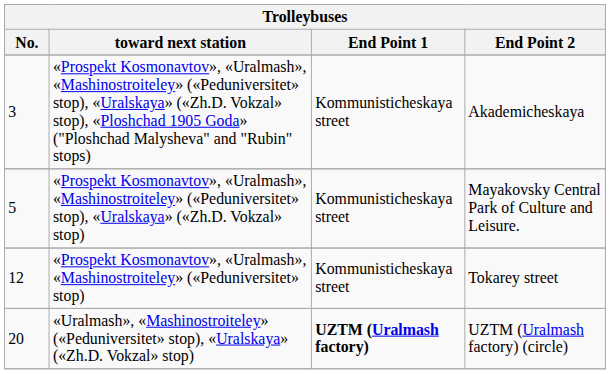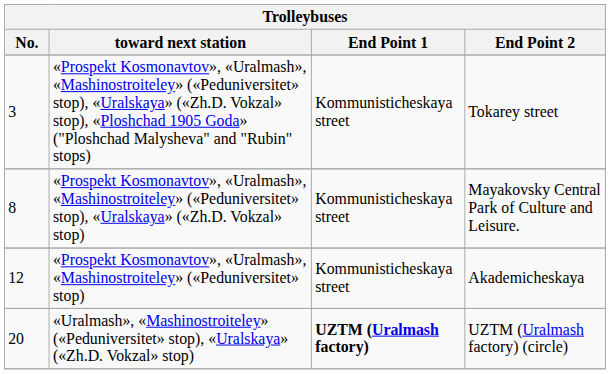 <table class="wikitable">
 <tr>
 <th colspan=4>Trolleybuses</th>
 </tr>
 <tr>
 <th width="7%">No.</th>
 <th width="41%">toward next station</th>
 <th width="22%">End Point 1</th>
 <th width="22%">End Point 2</th>
 </tr>
 <tr>
 </tr>
 <tr ----align="center">
 <td>3</td>
 <td>«<a href='#'>Prospekt Kosmonavtov</a>», «Uralmash», «<a href='#'>Mashinostroiteley</a>» («Peduniversitet» stop), «<a href='#'>Uralskaya</a>» («Zh.D. Vokzal» stop), «<a href='#'>Ploshchad 1905 Goda</a>» ("Ploshchad Malysheva" and "Rubin" stops)</td>
 <td>Kommunisticheskaya street</td>
-<td>Akademicheskaya</td>
+<td>Tokarey street</td>
 </tr>
 <tr>
 </tr>
 <tr ----align="center">
-<td>5</td>
+<td>8</td>
 <td>«<a href='#'>Prospekt Kosmonavtov</a>», «Uralmash», «<a href='#'>Mashinostroiteley</a>» («Peduniversitet» stop), «<a href='#'>Uralskaya</a>» («Zh.D. Vokzal» stop)</td>
 <td>Kommunisticheskaya street</td>
 <td>Mayakovsky Central Park of Culture and Leisure.</td>
 </tr>
 <tr>
 </tr>
 <tr ----align="center">
 <td>12</td>
 <td>«<a href='#'>Prospekt Kosmonavtov</a>», «Uralmash», «<a href='#'>Mashinostroiteley</a>» («Peduniversitet» stop)</td>
 <td>Kommunisticheskaya street</td>
-<td>Tokarey street</td>
+<td>Akademicheskaya</td>
 </tr>
 <tr>
 </tr>
 <tr ----align="center">
 <td>20</td>
 <td>«Uralmash», «<a href='#'>Mashinostroiteley</a>» («Peduniversitet» stop), «<a href='#'>Uralskaya</a>» («Zh.D. Vokzal» stop)</td>
 <td><strong>UZTM (<a href='#'>Uralmash</a> factory)</strong></td>
 <td>UZTM (<a href='#'>Uralmash</a> factory) (circle)</td>
 </tr>
 <tr>
 </tr>
 </table>
